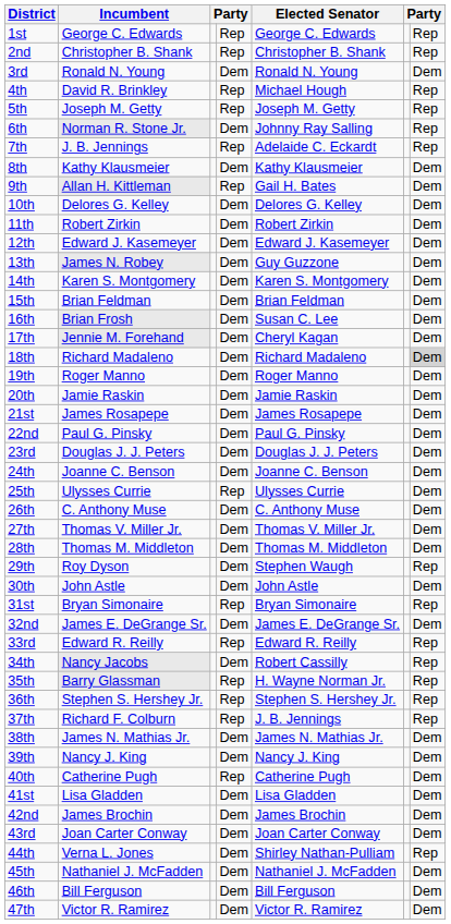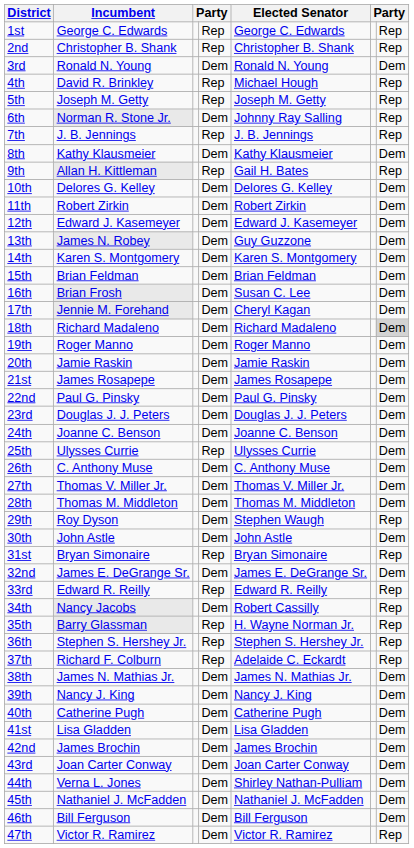 <table class="sortable wikitable" style="font-size:95%;line-height:14px;">
 <tr>
 <th class="unsortable"><a href='#'>District</a></th>
 <th class="unsortable"><a href='#'>Incumbent</a></th>
 <th colspan="2">Party</th>
 <th class="unsortable">Elected Senator</th>
 <th colspan="2">Party</th>
 </tr>
 <tr>
 <td><a href='#'>1st</a></td>
 <td><a href='#'>George C. Edwards</a></td>
 <td style="background:"></td>
 <td>Rep</td>
 <td><a href='#'>George C. Edwards</a></td>
 <td style="background:"></td>
 <td>Rep</td>
 </tr>
 <tr>
 <td><a href='#'>2nd</a></td>
 <td><a href='#'>Christopher B. Shank</a></td>
 <td style="background:"></td>
 <td>Rep</td>
 <td><a href='#'>Christopher B. Shank</a></td>
 <td style="background:"></td>
 <td>Rep</td>
 </tr>
 <tr>
 <td><a href='#'>3rd</a></td>
 <td><a href='#'>Ronald N. Young</a></td>
 <td style="background:"></td>
 <td>Dem</td>
 <td><a href='#'>Ronald N. Young</a></td>
 <td style="background:"></td>
 <td>Dem</td>
 </tr>
 <tr>
 <td><a href='#'>4th</a></td>
 <td><a href='#'>David R. Brinkley</a></td>
 <td style="background:"></td>
 <td>Rep</td>
 <td><a href='#'>Michael Hough</a></td>
 <td style="background:"></td>
 <td>Rep</td>
 </tr>
 <tr>
 <td><a href='#'>5th</a></td>
 <td><a href='#'>Joseph M. Getty</a></td>
 <td style="background:"></td>
 <td>Rep</td>
 <td><a href='#'>Joseph M. Getty</a></td>
 <td style="background:"></td>
 <td>Rep</td>
 </tr>
 <tr>
 <td><a href='#'>6th</a></td>
 <td style="background:#E9E9E9;"><a href='#'>Norman R. Stone Jr.</a></td>
 <td style="background:"></td>
 <td>Dem</td>
 <td><a href='#'>Johnny Ray Salling</a></td>
 <td style="background:"></td>
 <td>Rep</td>
 </tr>
 <tr>
 <td><a href='#'>7th</a></td>
 <td><a href='#'>J. B. Jennings</a></td>
 <td style="background:"></td>
 <td>Rep</td>
-<td><a href='#'>Adelaide C. Eckardt</a></td>
+<td><a href='#'>J. B. Jennings</a></td>
 <td style="background:"></td>
 <td>Rep</td>
 </tr>
 <tr>
 <td><a href='#'>8th</a></td>
 <td><a href='#'>Kathy Klausmeier</a></td>
 <td style="background:"></td>
 <td>Dem</td>
 <td><a href='#'>Kathy Klausmeier</a></td>
 <td style="background:"></td>
 <td>Dem</td>
 </tr>
 <tr>
 <td><a href='#'>9th</a></td>
 <td style="background:#E9E9E9;"><a href='#'>Allan H. Kittleman</a></td>
 <td style="background:"></td>
 <td>Rep</td>
 <td><a href='#'>Gail H. Bates</a></td>
 <td style="background:"></td>
-<td>Dem</td>
+<td>Rep</td>
 </tr>
 <tr>
 <td><a href='#'>10th</a></td>
 <td><a href='#'>Delores G. Kelley</a></td>
 <td style="background:"></td>
 <td>Dem</td>
 <td><a href='#'>Delores G. Kelley</a></td>
 <td style="background:"></td>
 <td>Dem</td>
 </tr>
 <tr>
 <td><a href='#'>11th</a></td>
 <td><a href='#'>Robert Zirkin</a></td>
 <td style="background:"></td>
 <td>Dem</td>
 <td><a href='#'>Robert Zirkin</a></td>
 <td style="background:"></td>
 <td>Dem</td>
 </tr>
 <tr>
 <td><a href='#'>12th</a></td>
 <td><a href='#'>Edward J. Kasemeyer</a></td>
 <td style="background:"></td>
 <td>Dem</td>
 <td><a href='#'>Edward J. Kasemeyer</a></td>
 <td style="background:"></td>
 <td>Dem</td>
 </tr>
 <tr>
 <td><a href='#'>13th</a></td>
 <td style="background:#E9E9E9;"><a href='#'>James N. Robey</a></td>
 <td style="background:"></td>
 <td>Dem</td>
 <td><a href='#'>Guy Guzzone</a></td>
 <td style="background:"></td>
 <td>Dem</td>
 </tr>
 <tr>
 <td><a href='#'>14th</a></td>
 <td><a href='#'>Karen S. Montgomery</a></td>
 <td style="background:"></td>
 <td>Dem</td>
 <td><a href='#'>Karen S. Montgomery</a></td>
 <td style="background:"></td>
 <td>Dem</td>
 </tr>
 <tr>
 <td><a href='#'>15th</a></td>
 <td><a href='#'>Brian Feldman</a></td>
 <td style="background:"></td>
 <td>Dem</td>
 <td><a href='#'>Brian Feldman</a></td>
 <td style="background:"></td>
 <td>Dem</td>
 </tr>
 <tr>
 <td><a href='#'>16th</a></td>
 <td style="background:#E9E9E9;"><a href='#'>Brian Frosh</a></td>
 <td style="background:"></td>
 <td>Dem</td>
 <td><a href='#'>Susan C. Lee</a></td>
 <td style="background:"></td>
 <td>Dem</td>
 </tr>
 <tr>
 <td><a href='#'>17th</a></td>
 <td style="background:#E9E9E9;"><a href='#'>Jennie M. Forehand</a></td>
 <td style="background:"></td>
 <td>Dem</td>
 <td><a href='#'>Cheryl Kagan</a></td>
 <td style="background:"></td>
 <td>Dem</td>
 </tr>
 <tr>
 <td><a href='#'>18th</a></td>
 <td><a href='#'>Richard Madaleno</a></td>
 <td style="background:"></td>
 <td>Dem</td>
 <td><a href='#'>Richard Madaleno</a></td>
 <td style="background:"></td>
 <td style="background: lightgrey;">Dem</td>
 </tr>
 <tr>
 <td><a href='#'>19th</a></td>
 <td><a href='#'>Roger Manno</a></td>
 <td style="background:"></td>
 <td>Dem</td>
 <td><a href='#'>Roger Manno</a></td>
 <td style="background:"></td>
 <td>Dem</td>
 </tr>
 <tr>
 <td><a href='#'>20th</a></td>
 <td><a href='#'>Jamie Raskin</a></td>
 <td style="background:"></td>
 <td>Dem</td>
 <td><a href='#'>Jamie Raskin</a></td>
 <td style="background:"></td>
 <td>Dem</td>
 </tr>
 <tr>
 <td><a href='#'>21st</a></td>
 <td><a href='#'>James Rosapepe</a></td>
 <td style="background:"></td>
 <td>Dem</td>
 <td><a href='#'>James Rosapepe</a></td>
 <td style="background:"></td>
 <td>Dem</td>
 </tr>
 <tr>
 <td><a href='#'>22nd</a></td>
 <td><a href='#'>Paul G. Pinsky</a></td>
 <td style="background:"></td>
 <td>Dem</td>
 <td><a href='#'>Paul G. Pinsky</a></td>
 <td style="background:"></td>
 <td>Dem</td>
 </tr>
 <tr>
 <td><a href='#'>23rd</a></td>
 <td><a href='#'>Douglas J. J. Peters</a></td>
 <td style="background:"></td>
 <td>Dem</td>
 <td><a href='#'>Douglas J. J. Peters</a></td>
 <td style="background:"></td>
 <td>Dem</td>
 </tr>
 <tr>
 <td><a href='#'>24th</a></td>
 <td><a href='#'>Joanne C. Benson</a></td>
 <td style="background:"></td>
 <td>Dem</td>
 <td><a href='#'>Joanne C. Benson</a></td>
 <td style="background:"></td>
 <td>Dem</td>
 </tr>
 <tr>
 <td><a href='#'>25th</a></td>
 <td><a href='#'>Ulysses Currie</a></td>
 <td style="background:"></td>
 <td>Rep</td>
 <td><a href='#'>Ulysses Currie</a></td>
 <td style="background:"></td>
 <td>Dem</td>
 </tr>
 <tr>
 <td><a href='#'>26th</a></td>
 <td><a href='#'>C. Anthony Muse</a></td>
 <td style="background:"></td>
 <td>Dem</td>
 <td><a href='#'>C. Anthony Muse</a></td>
 <td style="background:"></td>
 <td>Dem</td>
 </tr>
 <tr>
 <td><a href='#'>27th</a></td>
 <td><a href='#'>Thomas V. Miller Jr.</a></td>
 <td style="background:"></td>
 <td>Dem</td>
 <td><a href='#'>Thomas V. Miller Jr.</a></td>
 <td style="background:"></td>
 <td>Dem</td>
 </tr>
 <tr>
 <td><a href='#'>28th</a></td>
 <td><a href='#'>Thomas M. Middleton</a></td>
 <td style="background:"></td>
 <td>Dem</td>
 <td><a href='#'>Thomas M. Middleton</a></td>
 <td style="background:"></td>
 <td>Dem</td>
 </tr>
 <tr>
 <td><a href='#'>29th</a></td>
 <td><a href='#'>Roy Dyson</a></td>
 <td style="background:"></td>
 <td>Dem</td>
 <td><a href='#'>Stephen Waugh</a></td>
 <td style="background:"></td>
 <td>Rep</td>
 </tr>
 <tr>
 <td><a href='#'>30th</a></td>
 <td><a href='#'>John Astle</a></td>
 <td style="background:"></td>
 <td>Dem</td>
 <td><a href='#'>John Astle</a></td>
 <td style="background:"></td>
 <td>Dem</td>
 </tr>
 <tr>
 <td><a href='#'>31st</a></td>
 <td><a href='#'>Bryan Simonaire</a></td>
 <td style="background:"></td>
 <td>Rep</td>
 <td><a href='#'>Bryan Simonaire</a></td>
 <td style="background:"></td>
 <td>Rep</td>
 </tr>
 <tr>
 <td><a href='#'>32nd</a></td>
 <td><a href='#'>James E. DeGrange Sr.</a></td>
 <td style="background:"></td>
 <td>Dem</td>
 <td><a href='#'>James E. DeGrange Sr.</a></td>
 <td style="background:"></td>
 <td>Dem</td>
 </tr>
 <tr>
 <td><a href='#'>33rd</a></td>
 <td><a href='#'>Edward R. Reilly</a></td>
 <td style="background:"></td>
 <td>Rep</td>
 <td><a href='#'>Edward R. Reilly</a></td>
 <td style="background:"></td>
 <td>Rep</td>
 </tr>
 <tr>
 <td><a href='#'>34th</a></td>
 <td style="background:#E9E9E9;"><a href='#'>Nancy Jacobs</a></td>
 <td style="background:"></td>
 <td>Dem</td>
 <td><a href='#'>Robert Cassilly</a></td>
 <td style="background:"></td>
 <td>Rep</td>
 </tr>
 <tr>
 <td><a href='#'>35th</a></td>
 <td style="background:#E9E9E9;"><a href='#'>Barry Glassman</a></td>
 <td style="background:"></td>
 <td>Rep</td>
 <td><a href='#'>H. Wayne Norman Jr.</a></td>
 <td style="background:"></td>
 <td>Rep</td>
 </tr>
 <tr>
 <td><a href='#'>36th</a></td>
 <td><a href='#'>Stephen S. Hershey Jr.</a></td>
 <td style="background:"></td>
 <td>Rep</td>
 <td><a href='#'>Stephen S. Hershey Jr.</a></td>
 <td style="background:"></td>
 <td>Rep</td>
 </tr>
 <tr>
 <td><a href='#'>37th</a></td>
 <td><a href='#'>Richard F. Colburn</a></td>
 <td style="background:"></td>
 <td>Rep</td>
-<td><a href='#'>J. B. Jennings</a></td>
+<td><a href='#'>Adelaide C. Eckardt</a></td>
 <td style="background:"></td>
 <td>Rep</td>
 </tr>
 <tr>
 <td><a href='#'>38th</a></td>
 <td><a href='#'>James N. Mathias Jr.</a></td>
 <td style="background:"></td>
 <td>Dem</td>
 <td><a href='#'>James N. Mathias Jr.</a></td>
 <td style="background:"></td>
 <td>Dem</td>
 </tr>
 <tr>
 <td><a href='#'>39th</a></td>
 <td><a href='#'>Nancy J. King</a></td>
 <td style="background:"></td>
 <td>Dem</td>
 <td><a href='#'>Nancy J. King</a></td>
 <td style="background:"></td>
 <td>Dem</td>
 </tr>
 <tr>
 <td><a href='#'>40th</a></td>
 <td><a href='#'>Catherine Pugh</a></td>
 <td style="background:"></td>
-<td>Rep</td>
+<td>Dem</td>
 <td><a href='#'>Catherine Pugh</a></td>
 <td style="background:"></td>
 <td>Dem</td>
 </tr>
 <tr>
 <td><a href='#'>41st</a></td>
 <td><a href='#'>Lisa Gladden</a></td>
 <td style="background:"></td>
 <td>Dem</td>
 <td><a href='#'>Lisa Gladden</a></td>
 <td style="background:"></td>
 <td>Dem</td>
 </tr>
 <tr>
 <td><a href='#'>42nd</a></td>
 <td><a href='#'>James Brochin</a></td>
 <td style="background:"></td>
 <td>Dem</td>
 <td><a href='#'>James Brochin</a></td>
 <td style="background:"></td>
 <td>Dem</td>
 </tr>
 <tr>
 <td><a href='#'>43rd</a></td>
 <td><a href='#'>Joan Carter Conway</a></td>
 <td style="background:"></td>
 <td>Dem</td>
 <td><a href='#'>Joan Carter Conway</a></td>
 <td style="background:"></td>
 <td>Dem</td>
 </tr>
 <tr>
 <td><a href='#'>44th</a></td>
 <td><a href='#'>Verna L. Jones</a></td>
 <td style="background:"></td>
 <td>Dem</td>
 <td><a href='#'>Shirley Nathan-Pulliam</a></td>
 <td style="background:"></td>
-<td>Rep</td>
+<td>Dem</td>
 </tr>
 <tr>
 <td><a href='#'>45th</a></td>
 <td><a href='#'>Nathaniel J. McFadden</a></td>
 <td style="background:"></td>
 <td>Dem</td>
 <td><a href='#'>Nathaniel J. McFadden</a></td>
 <td style="background:"></td>
 <td>Dem</td>
 </tr>
 <tr>
 <td><a href='#'>46th</a></td>
 <td><a href='#'>Bill Ferguson</a></td>
 <td style="background:"></td>
 <td>Dem</td>
 <td><a href='#'>Bill Ferguson</a></td>
 <td style="background:"></td>
 <td>Dem</td>
 </tr>
 <tr>
 <td><a href='#'>47th</a></td>
 <td><a href='#'>Victor R. Ramirez</a></td>
 <td style="background:"></td>
 <td>Dem</td>
 <td><a href='#'>Victor R. Ramirez</a></td>
 <td style="background:"></td>
-<td>Dem</td>
+<td>Rep</td>
 </tr>
 </table>
